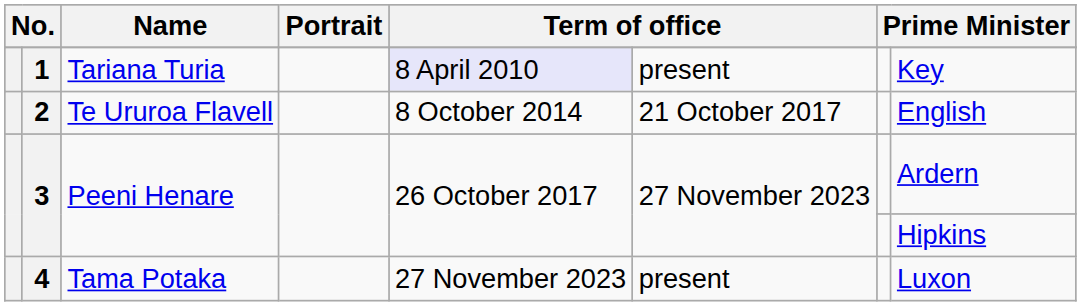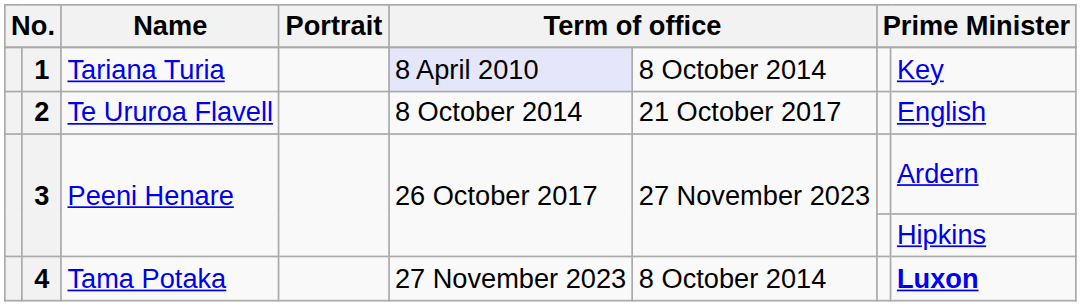 <table class="wikitable">
 <tr>
 <th colspan=2>No.</th>
 <th>Name</th>
 <th>Portrait</th>
 <th colspan=2>Term of office</th>
 <th colspan=2>Prime Minister</th>
 </tr>
 <tr>
 </tr>
 <tr>
 <th style="background:"></th>
 <th>1</th>
 <td><a href='#'>Tariana Turia</a></td>
 <td></td>
 <td style="background: lavender;">8 April 2010</td>
-<td>present</td>
+<td>8 October 2014</td>
 <td rowspan="2" style="background:"></td>
 <td rowspan="2"><a href='#'>Key</a></td>
 </tr>
 <tr>
 <th rowspan="2" style="background:"></th>
 <th rowspan="2">2</th>
 <td rowspan="2"><a href='#'>Te Ururoa Flavell</a></td>
 <td rowspan="2"></td>
 <td rowspan="2">8 October 2014</td>
 <td rowspan="2">21 October 2017</td>
 </tr>
 <tr>
 <td width=1 style="background:"></td>
 <td><a href='#'>English</a></td>
 </tr>
 <tr>
 <th height="40" style="border-bottom:solid 0 grey; background:"></th>
 <th rowspan="2">3</th>
 <td rowspan="2"><a href='#'>Peeni Henare</a></td>
 <td rowspan="2"></td>
 <td rowspan="2">26 October 2017</td>
 <td rowspan="2">27 November 2023</td>
 <td style="background:"></td>
 <td><a href='#'>Ardern</a></td>
 </tr>
 <tr>
 <th height=15 style="border-top:solid 0 grey; background:"></th>
 <td style="background:"></td>
 <td><a href='#'>Hipkins</a></td>
 </tr>
 <tr>
 <th style="background:"></th>
 <th>4</th>
 <td><a href='#'>Tama Potaka</a></td>
 <td></td>
 <td>27 November 2023</td>
-<td>present</td>
+<td>8 October 2014</td>
 <td style="background:"></td>
-<td><a href='#'>Luxon</a></td>
+<td><strong><a href='#'>Luxon</a></strong></td>
 </tr>
 </table>
